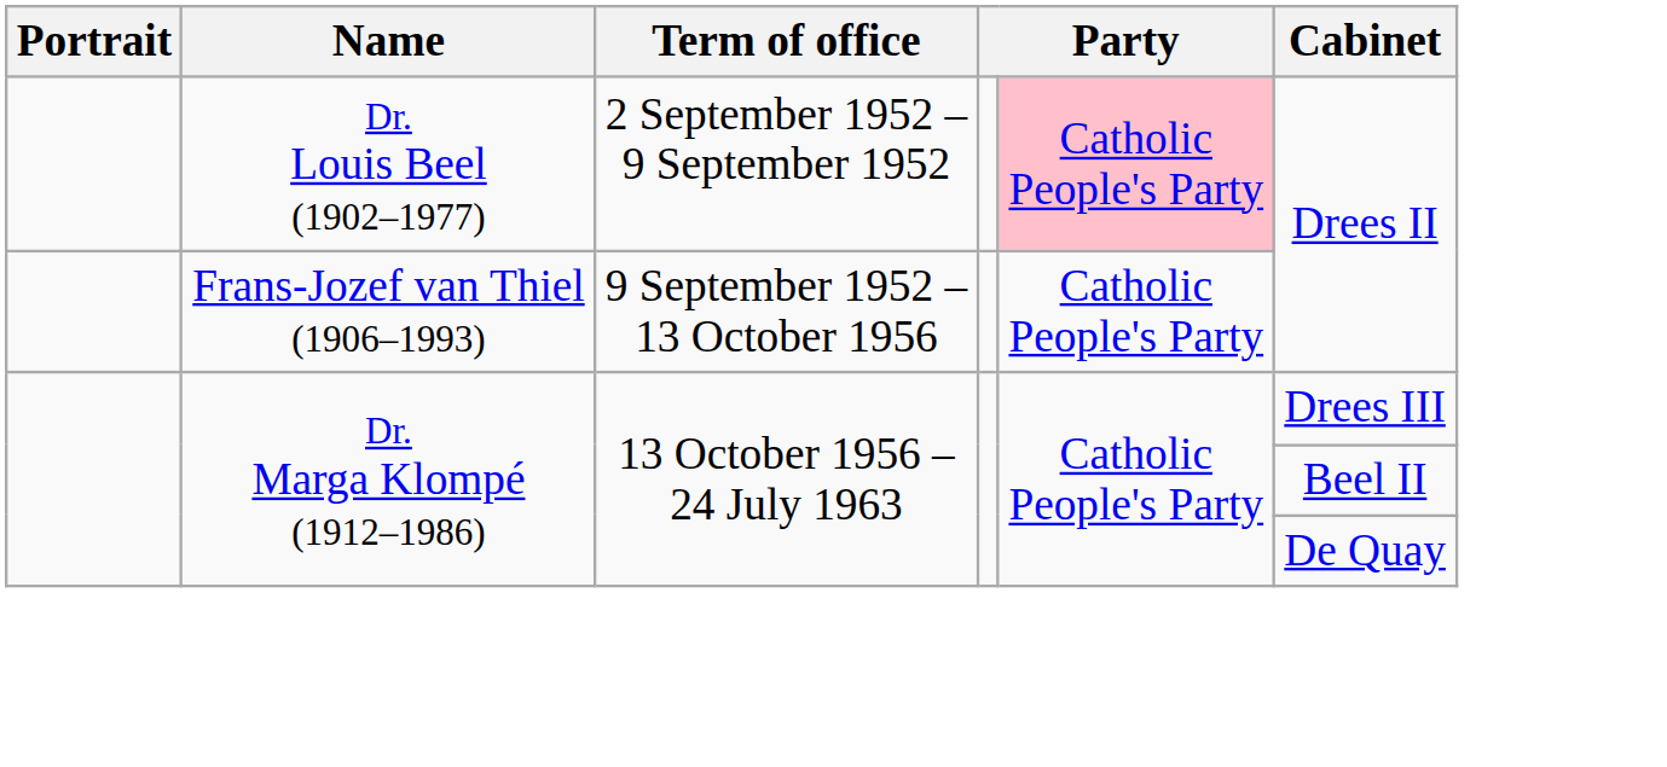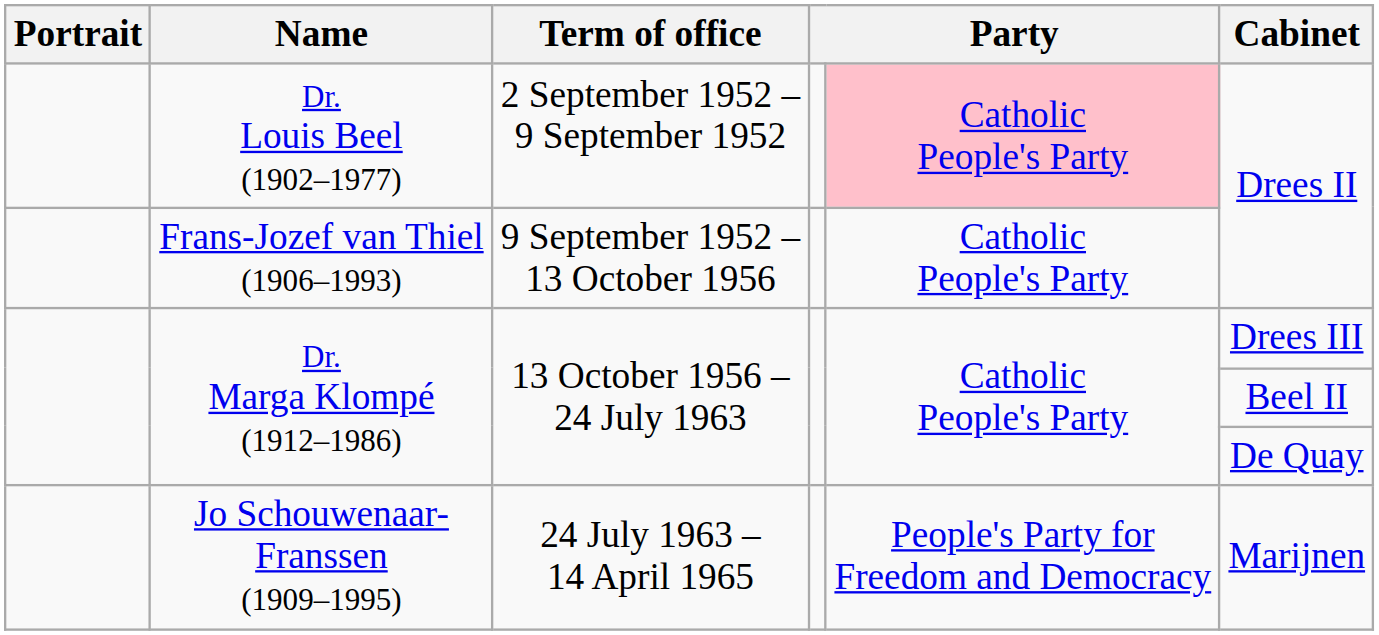 <table class="wikitable" style="text-align:center">
 <tr>
 <th>Portrait</th>
 <th>Name <br> </th>
 <th>Term of office</th>
 <th colspan=2>Party</th>
 <th>Cabinet</th>
 </tr>
 <tr>
 <td></td>
 <td><small><a href='#'>Dr.</a></small> <br> <a href='#'>Louis Beel</a> <br> <small>(1902–1977)</small> <br> <small></small></td>
 <td>2 September 1952 – <br> 9 September 1952 <br>  <br> </td>
 <td style="background:"></td>
 <td style="background: pink;"><a href='#'>Catholic <br> People's Party</a></td>
 <td rowspan=2><a href='#'>Drees II</a> <br></td>
 </tr>
 <tr>
 <td></td>
 <td><a href='#'>Frans-Jozef van Thiel</a> <br> <small>(1906–1993)</small></td>
 <td>9 September 1952 – <br> 13 October 1956</td>
 <td style="background:"></td>
 <td><a href='#'>Catholic <br> People's Party</a></td>
 </tr>
 <tr>
 <td rowspan=3></td>
 <td rowspan=3><small><a href='#'>Dr.</a></small> <br> <a href='#'>Marga Klompé</a> <br> <small>(1912–1986)</small></td>
 <td rowspan=3>13 October 1956 – <br> 24 July 1963</td>
 <td rowspan=3 style="background:"></td>
 <td rowspan=3><a href='#'>Catholic <br> People's Party</a></td>
 <td><a href='#'>Drees III</a> <br></td>
 </tr>
 <tr>
 <td><a href='#'>Beel II</a> <br></td>
 </tr>
 <tr>
 <td><a href='#'>De Quay</a> <br></td>
 </tr>
+<tr>
+<td></td>
+<td><a href='#'>Jo Schouwenaar-<br>Franssen</a> <br> <small>(1909–1995)</small></td>
+<td>24 July 1963 – <br> 14 April 1965</td>
+<td style="background:"></td>
+<td><a href='#'>People's Party for <br> Freedom and Democracy</a></td>
+<td><a href='#'>Marijnen</a> <br></td>
+</tr>
 </table>
